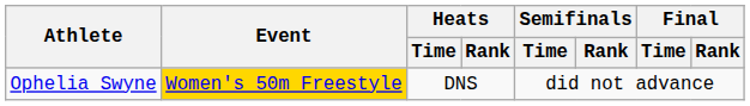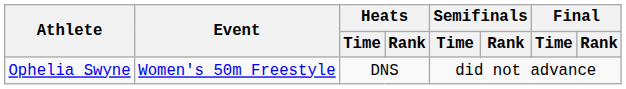 <table class=wikitable style="font-size:90%">
 <tr>
 <th rowspan="2">Athlete</th>
 <th rowspan="2">Event</th>
 <th colspan="2">Heats</th>
 <th colspan="2">Semifinals</th>
 <th colspan="2">Final</th>
 </tr>
 <tr>
 <th>Time</th>
 <th>Rank</th>
 <th>Time</th>
 <th>Rank</th>
 <th>Time</th>
 <th>Rank</th>
 </tr>
 <tr>
 <td rowspan="1"><a href='#'>Ophelia Swyne</a></td>
-<td style="background: gold;"><a href='#'>Women's 50m Freestyle</a></td>
+<td><a href='#'>Women's 50m Freestyle</a></td>
 <td align=center colspan=2>DNS</td>
 <td align=center colspan=4>did not advance</td>
 </tr>
 </table>
